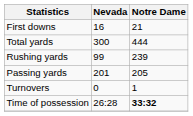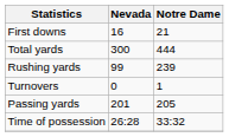 <table class="wikitable">
 <tr>
 <th>Statistics</th>
 <th>Nevada</th>
 <th>Notre Dame</th>
 </tr>
 <tr>
 <td>First downs</td>
 <td>16</td>
 <td>21</td>
 </tr>
 <tr>
 <td>Total yards</td>
 <td>300</td>
 <td>444</td>
 </tr>
 <tr>
 <td>Rushing yards</td>
 <td>99</td>
 <td>239</td>
 </tr>
 <tr>
+<td>Turnovers</td>
+<td>0</td>
+<td>1</td>
+</tr>
+<tr>
 <td>Passing yards</td>
 <td>201</td>
 <td>205</td>
 </tr>
 <tr>
-<td>Turnovers</td>
-<td>0</td>
-<td>1</td>
-</tr>
-<tr>
 <td>Time of possession</td>
 <td>26:28</td>
-<td><strong>33:32</strong></td>
+<td>33:32</td>
 </tr>
 <tr>
 </tr>
 </table>
